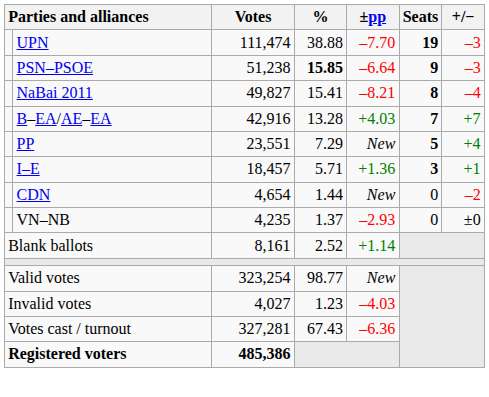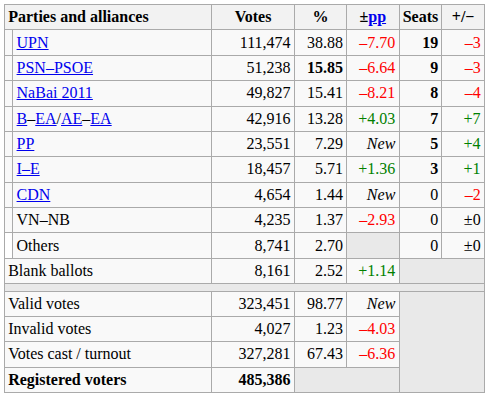 <table class="wikitable" style="text-align:right;">
 <tr>
 <th style="text-align:left;" colspan="2" width="200">Parties and alliances</th>
 <th width="75">Votes</th>
 <th width="45">%</th>
 <th width="45">±<a href='#'>pp</a></th>
 <th width="35">Seats</th>
 <th width="35">+/−</th>
 </tr>
 <tr>
 <td width="1" style="color:inherit;background:"></td>
 <td align="left"><a href='#'>UPN</a></td>
 <td>111,474</td>
 <td>38.88</td>
 <td style="color:red;">–7.70</td>
 <td><strong>19</strong></td>
 <td style="color:red;">–3</td>
 </tr>
 <tr>
 <td style="color:inherit;background:"></td>
 <td align="left"><a href='#'>PSN–PSOE</a></td>
 <td>51,238</td>
 <td><strong>15.85</strong></td>
 <td style="color:red;">–6.64</td>
 <td><strong>9</strong></td>
 <td style="color:red;">–3</td>
 </tr>
 <tr>
 <td style="color:inherit;background:"></td>
 <td align="left"><a href='#'>NaBai 2011</a></td>
 <td>49,827</td>
 <td>15.41</td>
 <td style="color:red;">–8.21</td>
 <td><strong>8</strong></td>
 <td style="color:red;">–4</td>
 </tr>
 <tr>
 <td style="color:inherit;background:"></td>
 <td align="left"><a href='#'>B</a>–<a href='#'>EA</a>/<a href='#'>AE</a>–<a href='#'>EA</a></td>
 <td>42,916</td>
 <td>13.28</td>
 <td style="color:green;">+4.03</td>
 <td><strong>7</strong></td>
 <td style="color:green;">+7</td>
 </tr>
 <tr>
 <td style="color:inherit;background:"></td>
 <td align="left"><a href='#'>PP</a></td>
 <td>23,551</td>
 <td>7.29</td>
 <td><em>New</em></td>
 <td><strong>5</strong></td>
 <td style="color:green;">+4</td>
 </tr>
 <tr>
 <td style="color:inherit;background:"></td>
 <td align="left"><a href='#'>I–E</a></td>
 <td>18,457</td>
 <td>5.71</td>
 <td style="color:green;">+1.36</td>
 <td><strong>3</strong></td>
 <td style="color:green;">+1</td>
 </tr>
 <tr>
 <td style="color:inherit;background:"></td>
 <td align="left"><a href='#'>CDN</a></td>
 <td>4,654</td>
 <td>1.44</td>
 <td><em>New</em></td>
 <td>0</td>
 <td style="color:red;">–2</td>
 </tr>
 <tr>
 <td style="color:inherit;background:"></td>
 <td align="left">VN–NB</td>
 <td>4,235</td>
 <td>1.37</td>
 <td style="color:red;">–2.93</td>
 <td>0</td>
 <td>±0</td>
 </tr>
 <tr>
+<td bgcolor="white"></td>
+<td align="left">Others</td>
+<td>8,741</td>
+<td>2.70</td>
+<td bgcolor="#E9E9E9"></td>
+<td>0</td>
+<td>±0</td>
+</tr>
+<tr>
 <td align="left" colspan="2">Blank ballots</td>
 <td>8,161</td>
 <td>2.52</td>
 <td style="color:green;">+1.14</td>
 <td bgcolor="#E9E9E9" colspan="2"></td>
 </tr>
 <tr>
 <td colspan="7" bgcolor="#E9E9E9"></td>
 </tr>
 <tr>
 <td align="left" colspan="2">Valid votes</td>
-<td>323,254</td>
+<td>323,451</td>
 <td>98.77</td>
 <td><em>New</em></td>
 <td bgcolor="#E9E9E9" colspan="2" rowspan="4"></td>
 </tr>
 <tr>
 <td align="left" colspan="2">Invalid votes</td>
 <td>4,027</td>
 <td>1.23</td>
 <td style="color:red;">–4.03</td>
 </tr>
 <tr>
 <td align="left" colspan="2">Votes cast / turnout</td>
 <td>327,281</td>
 <td>67.43</td>
 <td style="color:red;">–6.36</td>
 </tr>
 <tr style="font-weight:bold;">
 <td align="left" colspan="2">Registered voters</td>
 <td>485,386</td>
 <td bgcolor="#E9E9E9" colspan="2"></td>
 </tr>
 </table>
